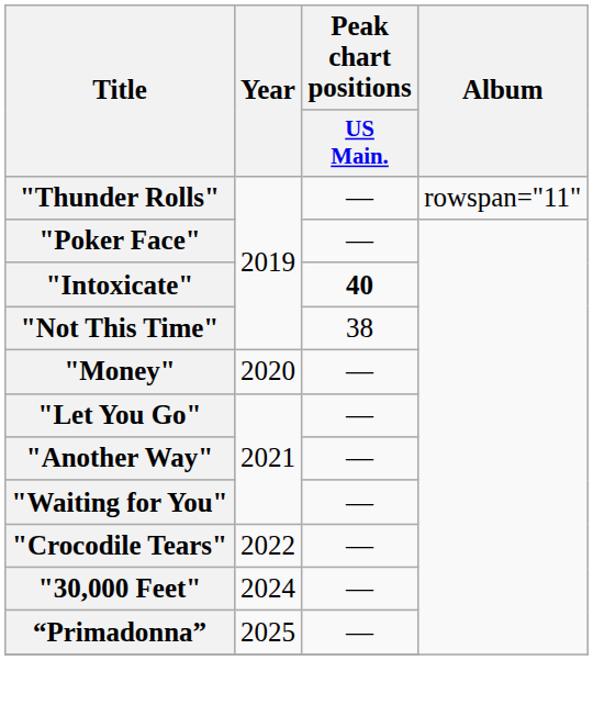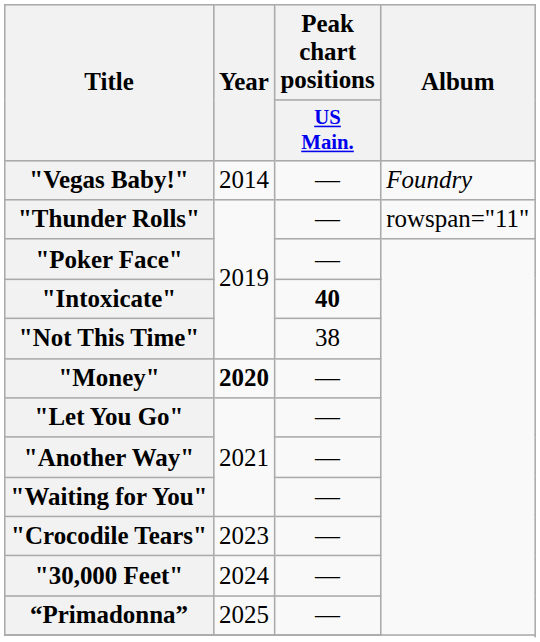 <table class="wikitable plainrowheaders">
 <tr>
 <th scope="col" rowspan="2">Title</th>
 <th scope="col" rowspan="2">Year</th>
 <th scope="col">Peak chart positions</th>
 <th scope="col" rowspan="2">Album</th>
 </tr>
 <tr style="font-size:smaller">
 <th style="width:30px;"><a href='#'>US<br>Main.</a><br></th>
+</tr>
+<tr>
+<th scope="row">"Vegas Baby!"</th>
+<td align="center">2014</td>
+<td align="center">—</td>
+<td><em>Foundry</em></td>
 </tr>
 <tr>
 <th scope="row">"Thunder Rolls"</th>
 <td align="center" rowspan="4">2019</td>
 <td align="center">—</td>
 <td>rowspan="11" </td>
 </tr>
 <tr>
 <th scope="row">"Poker Face"</th>
 <td align="center">—</td>
 </tr>
 <tr>
 <th scope="row">"Intoxicate"</th>
 <td align="center"><strong>40</strong></td>
 </tr>
 <tr>
 <th scope="row">"Not This Time"</th>
 <td align="center">38</td>
 </tr>
 <tr>
 <th scope="row">"Money"</th>
-<td align="center">2020</td>
+<td align="center"><strong>2020</strong></td>
 <td align="center">—</td>
 </tr>
 <tr>
 <th scope="row">"Let You Go"</th>
 <td align="center" rowspan="3">2021</td>
 <td align="center">—</td>
 </tr>
 <tr>
 <th scope="row">"Another Way"</th>
 <td align="center">—</td>
 </tr>
 <tr>
 <th scope="row">"Waiting for You"</th>
 <td align="center">—</td>
 </tr>
 <tr>
 <th scope="row">"Crocodile Tears"</th>
-<td align="center">2022</td>
+<td align="center">2023</td>
 <td align="center">—</td>
 </tr>
 <tr>
 <th scope="row">"30,000 Feet"</th>
 <td align="center">2024</td>
 <td align="center">—</td>
 </tr>
 <tr>
 <th scope="row">“Primadonna”</th>
 <td align="center">2025</td>
 <td align="center">—</td>
 </tr>
 <tr>
 </tr>
 </table>
